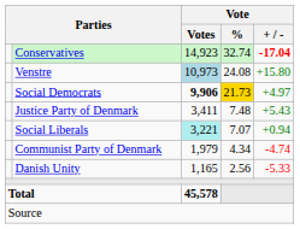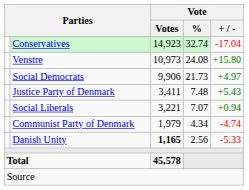 <table class="wikitable" style="text-align:right;">
 <tr>
 <th style="text-align:centre;" rowspan="2" colspan="2" width="225">Parties</th>
 <th colspan="3">Vote</th>
 </tr>
 <tr>
 <th width="15">Votes</th>
 <th width="15">%</th>
 <th width="15">+ / -</th>
 </tr>
 <tr>
 <td width="2" style="color:inherit;background:"></td>
 <td bgcolor=#ccf7cc  align="left"><a href='#'>Conservatives</a></td>
 <td bgcolor=#ccf7cc>14,923</td>
 <td bgcolor=#ccf7cc>32.74</td>
-<td style=color:red;><strong>-17.04</strong></td>
+<td style=color:red;>-17.04</td>
 </tr>
 <tr>
 <td width="2" style="color:inherit;background:"></td>
 <td align="left"><a href='#'>Venstre</a></td>
-<td style="background: lightblue;">10,973</td>
+<td>10,973</td>
 <td>24.08</td>
 <td style=color:green;>+15.80</td>
 </tr>
 <tr>
 <td width="2" style="color:inherit;background:"></td>
 <td align="left"><a href='#'>Social Democrats</a></td>
-<td><strong>9,906</strong></td>
-<td style="background: gold;">21.73</td>
+<td>9,906</td>
+<td>21.73</td>
 <td style=color:green;>+4.97</td>
 </tr>
 <tr>
 <td width="2" style="color:inherit;background:"></td>
 <td align="left"><a href='#'>Justice Party of Denmark</a></td>
 <td>3,411</td>
 <td>7.48</td>
 <td style=color:green;>+5.43</td>
 </tr>
 <tr>
 <td width="2" style="color:inherit;background:"></td>
 <td align="left"><a href='#'>Social Liberals</a></td>
-<td style="background: paleturquoise;">3,221</td>
+<td>3,221</td>
 <td>7.07</td>
 <td style=color:green;>+0.94</td>
 </tr>
 <tr>
 <td width="2" style="color:inherit;background:"></td>
 <td align="left"><a href='#'>Communist Party of Denmark</a></td>
 <td>1,979</td>
 <td>4.34</td>
 <td style=color:red;>-4.74</td>
 </tr>
 <tr>
 <td width="2" style="color:inherit;background:"></td>
 <td align="left"><a href='#'>Danish Unity</a></td>
-<td>1,165</td>
+<td><strong>1,165</strong></td>
 <td>2.56</td>
 <td style=color:red;>-5.33</td>
 </tr>
 <tr>
 <td colspan="7" bgcolor="#E9E9E9"></td>
 </tr>
 <tr>
 <td align="left" colspan="2"><strong>Total</strong></td>
 <td><strong>45,578</strong></td>
 <td bgcolor="#E9E9E9" colspan="2"></td>
 </tr>
 <tr>
 <td align="left" colspan="6">Source</td>
 </tr>
 </table>
